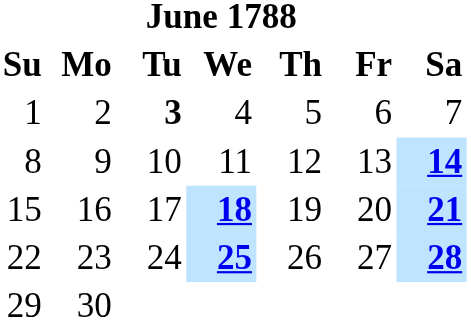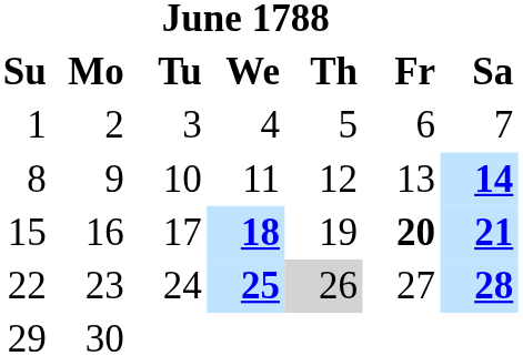 <table class="toccolours" style="text-align:right;float:left;width:14em;margin-right:1em;" cellpadding=2 cellspacing=0>
 <tr class="calendar-purple">
 <td></td>
 <th colspan="5" style="text-align: center;">June 1788</th>
 <td></td>
 </tr>
 <tr class="calendar-purple" style="border: none;">
 <th scope="col" width="14.2857%" title="Sunday">Su</th>
 <th scope="col" width="14.2857%" title="Monday">Mo</th>
 <th scope="col" width="14.2857%" title="Tuesday">Tu</th>
 <th scope="col" width="14.2857%" title="Wednesday">We</th>
 <th scope="col" width="14.2857%" title="Thursday">Th</th>
 <th scope="col" width="14.2857%" title="Friday">Fr</th>
 <th scope="col" width="14.2857%" title="Saturday">Sa</th>
 </tr>
 <tr>
 </tr>
 <tr>
 <td>1</td>
 <td>2</td>
-<td><strong>3</strong></td>
+<td>3</td>
 <td>4</td>
 <td>5</td>
 <td>6</td>
 <td>7</td>
 </tr>
 <tr>
 <td>8</td>
 <td>9</td>
 <td>10</td>
 <td>11</td>
 <td>12</td>
 <td>13</td>
 <td style="background-color:#BFE4FF"><strong><a href='#'>14</a></strong></td>
 </tr>
 <tr>
 <td>15</td>
 <td>16</td>
 <td>17</td>
 <td style="background-color:#BFE4FF"><strong><a href='#'>18</a></strong></td>
 <td>19</td>
-<td>20</td>
+<td><strong>20</strong></td>
 <td style="background-color:#BFE4FF"><strong><a href='#'>21</a></strong></td>
 </tr>
 <tr>
 <td>22</td>
 <td>23</td>
 <td>24</td>
 <td style="background-color:#BFE4FF"><strong><a href='#'>25</a></strong></td>
-<td>26</td>
+<td style="background: lightgrey;">26</td>
 <td>27</td>
 <td style="background-color:#BFE4FF"><strong><a href='#'>28</a></strong></td>
 </tr>
 <tr>
 <td>29</td>
 <td>30</td>
 <td></td>
 <td colspan=4> </td>
 </tr>
 <tr>
 <td colspan=7> </td>
 </tr>
 <tr class="calendar-purple">
 </tr>
 <tr class="calendar-purple">
 </tr>
 </table>
